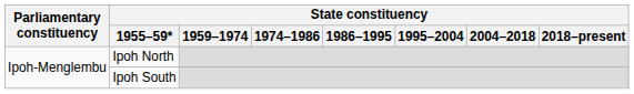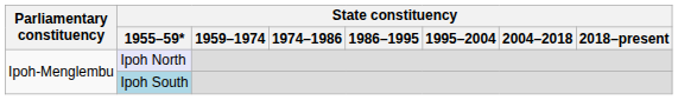 <table class="wikitable">
 <tr>
 <th rowspan="2">Parliamentary<br>constituency</th>
 <th colspan="7">State constituency</th>
 </tr>
 <tr>
 <th>1955–59*</th>
 <th>1959–1974</th>
 <th>1974–1986</th>
 <th>1986–1995</th>
 <th>1995–2004</th>
 <th>2004–2018</th>
 <th>2018–present</th>
 </tr>
 <tr>
 <td rowspan="2">Ipoh-Menglembu</td>
-<td>Ipoh North</td>
+<td style="background: lavender;">Ipoh North</td>
 <td colspan="6" bgcolor="dcdcdc"></td>
 </tr>
 <tr>
-<td>Ipoh South</td>
+<td style="background: lightblue;">Ipoh South</td>
 <td colspan="6" bgcolor="dcdcdc"></td>
 </tr>
 </table>
